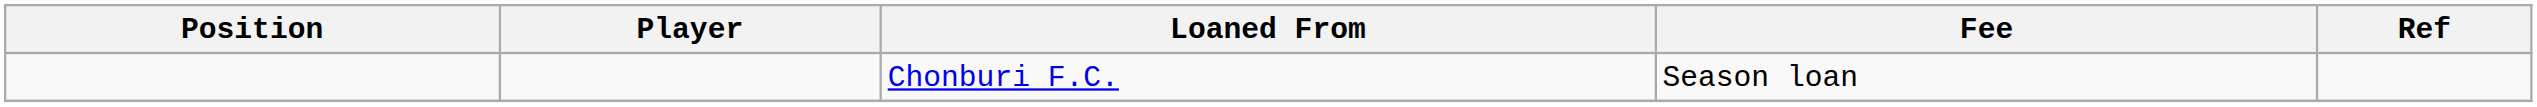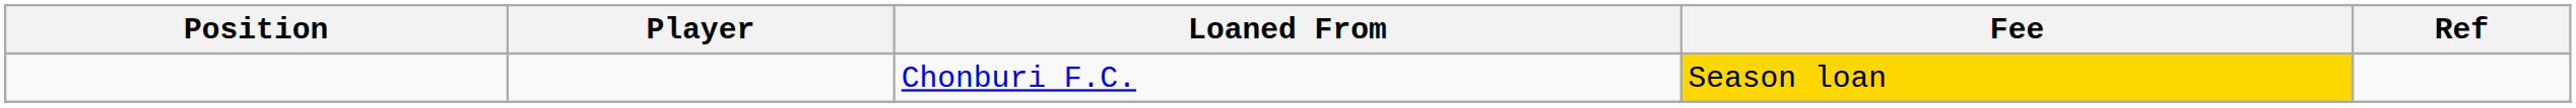 <table class="wikitable sortable" style="width:70%; text-align:center; font-size:100%; text-align:left;">
 <tr>
 <th>Position</th>
 <th>Player</th>
 <th>Loaned From</th>
 <th>Fee</th>
 <th>Ref</th>
 </tr>
 <tr>
 <td></td>
 <td></td>
 <td> <a href='#'>Chonburi F.C.</a></td>
-<td>Season loan</td>
+<td style="background: gold;">Season loan</td>
 <td></td>
 </tr>
 <tr>
 </tr>
 </table>
